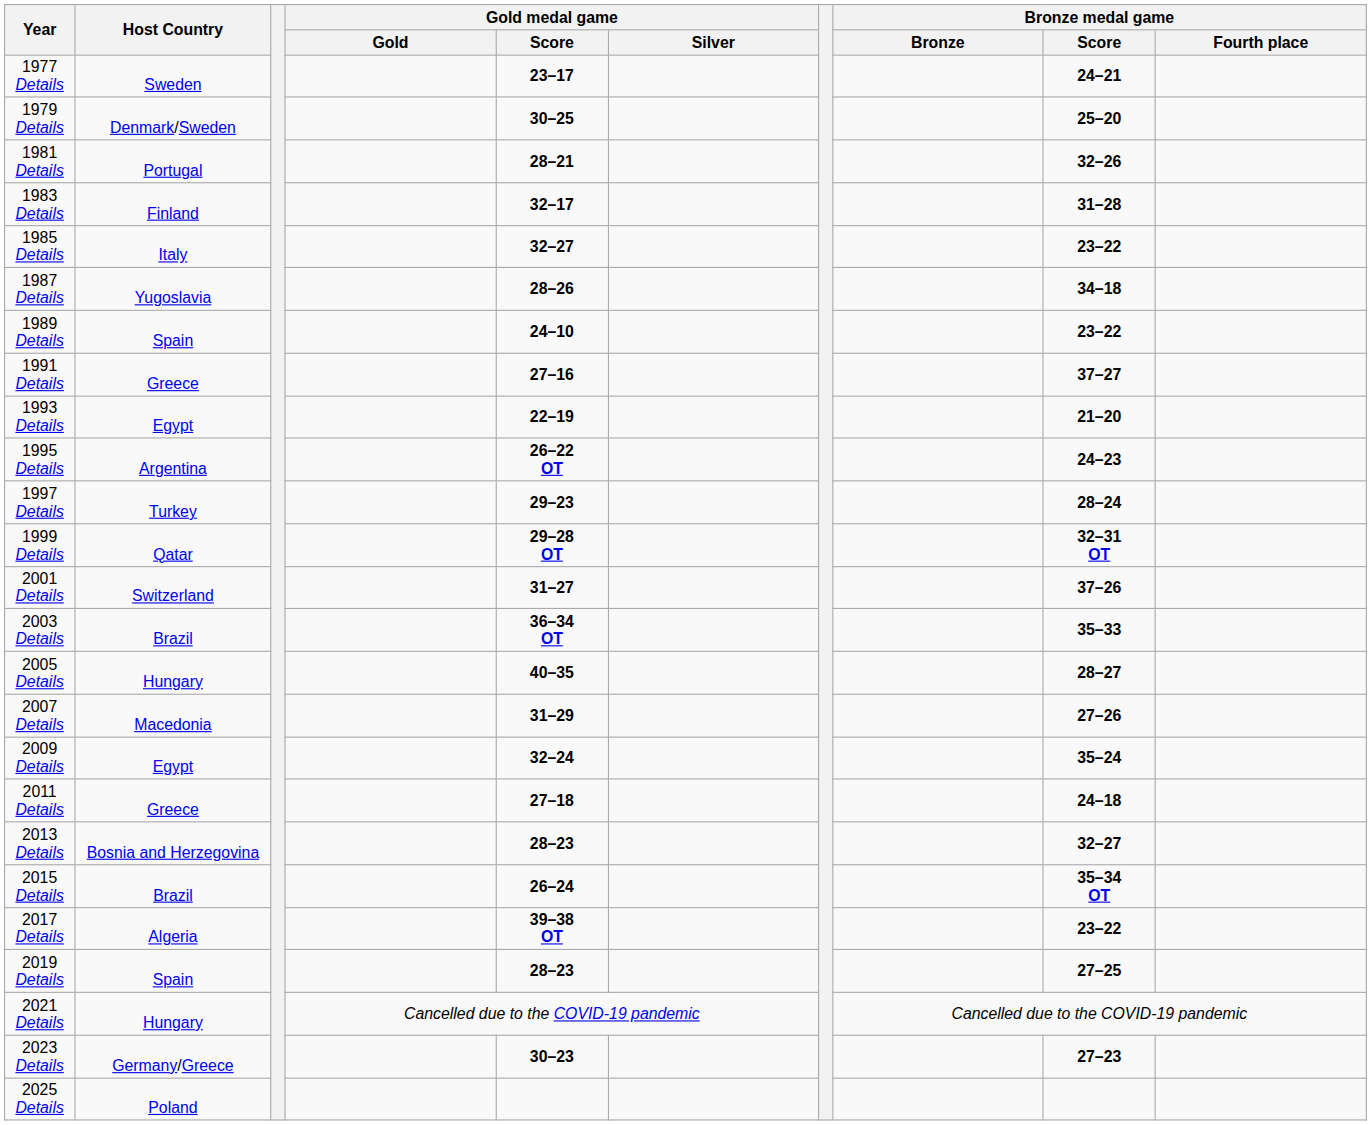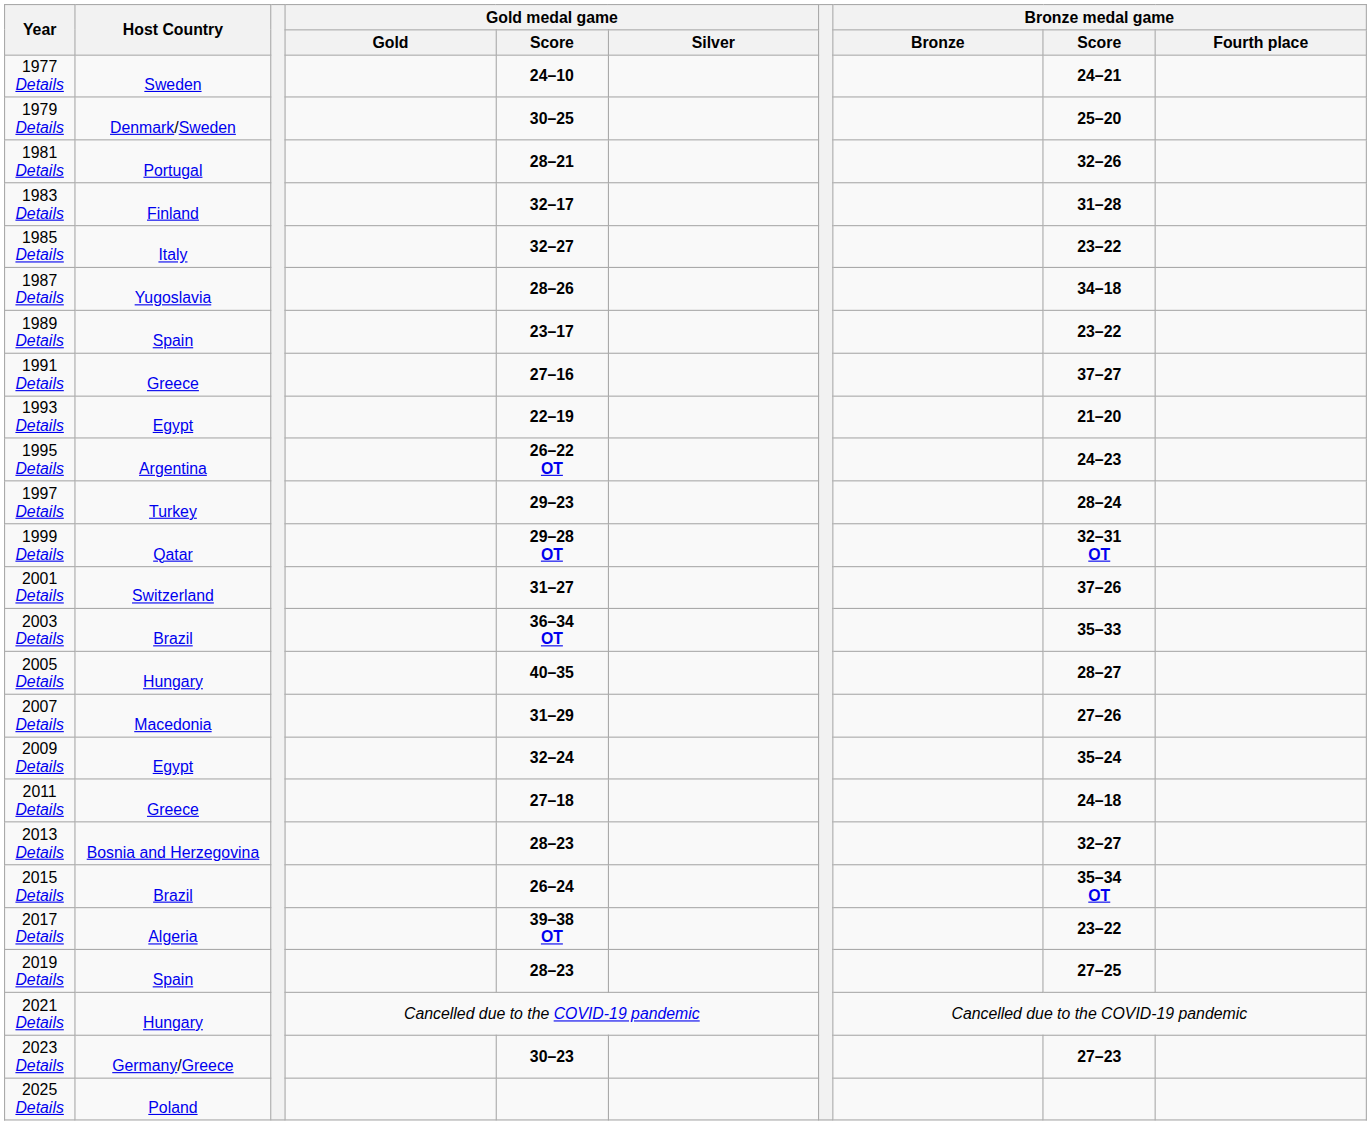 <table class="wikitable" style="font-size:90%; width: 98%; text-align: center;">
 <tr>
 <th rowspan=2 width=5%>Year</th>
 <th rowspan=2 width=14%>Host Country</th>
 <th width=1% rowspan=27 bgcolor=ffffff></th>
 <th colspan=3>Gold medal game</th>
 <th width=1% rowspan=27 bgcolor=ffffff></th>
 <th colspan=3>Bronze medal game</th>
 </tr>
 <tr>
 <th width=15%>Gold</th>
 <th width=8%>Score</th>
 <th width=15%>Silver</th>
 <th width=15%>Bronze</th>
 <th width=8%>Score</th>
 <th width=15%>Fourth place</th>
 </tr>
 <tr>
 <td>1977 <br><em><a href='#'>Details</a></em></td>
 <td><br><a href='#'>Sweden</a></td>
 <td><strong></strong></td>
-<td><strong>23–17</strong></td>
+<td><strong>24–10</strong></td>
 <td></td>
 <td></td>
 <td><strong>24–21</strong></td>
 <td></td>
 </tr>
 <tr>
 <td>1979 <br><em><a href='#'>Details</a></em></td>
 <td><br><a href='#'>Denmark</a>/<a href='#'>Sweden</a></td>
 <td><strong></strong></td>
 <td><strong>30–25</strong></td>
 <td></td>
 <td></td>
 <td><strong>25–20</strong></td>
 <td></td>
 </tr>
 <tr>
 <td>1981 <br><em><a href='#'>Details</a></em></td>
 <td><br><a href='#'>Portugal</a></td>
 <td><strong></strong></td>
 <td><strong>28–21</strong></td>
 <td></td>
 <td></td>
 <td><strong>32–26</strong></td>
 <td></td>
 </tr>
 <tr>
 <td>1983 <br><em><a href='#'>Details</a></em></td>
 <td><br><a href='#'>Finland</a></td>
 <td><strong></strong></td>
 <td><strong>32–17</strong></td>
 <td></td>
 <td></td>
 <td><strong>31–28</strong></td>
 <td></td>
 </tr>
 <tr>
 <td>1985 <br><em><a href='#'>Details</a></em></td>
 <td><br><a href='#'>Italy</a></td>
 <td><strong></strong></td>
 <td><strong>32–27</strong></td>
 <td></td>
 <td></td>
 <td><strong>23–22</strong></td>
 <td></td>
 </tr>
 <tr>
 <td>1987 <br><em><a href='#'>Details</a></em></td>
 <td><br><a href='#'>Yugoslavia</a></td>
 <td><strong></strong></td>
 <td><strong>28–26</strong></td>
 <td></td>
 <td></td>
 <td><strong>34–18</strong></td>
 <td></td>
 </tr>
 <tr>
 <td>1989 <br><em><a href='#'>Details</a></em></td>
 <td><br><a href='#'>Spain</a></td>
 <td><strong></strong></td>
-<td><strong>24–10</strong></td>
+<td><strong>23–17</strong></td>
 <td></td>
 <td></td>
 <td><strong>23–22</strong></td>
 <td></td>
 </tr>
 <tr>
 <td>1991 <br><em><a href='#'>Details</a></em></td>
 <td><br><a href='#'>Greece</a></td>
 <td><strong></strong></td>
 <td><strong>27–16</strong></td>
 <td></td>
 <td></td>
 <td><strong>37–27</strong></td>
 <td></td>
 </tr>
 <tr>
 <td>1993 <br><em><a href='#'>Details</a></em></td>
 <td><br><a href='#'>Egypt</a></td>
 <td><strong></strong></td>
 <td><strong>22–19</strong></td>
 <td></td>
 <td></td>
 <td><strong>21–20</strong></td>
 <td></td>
 </tr>
 <tr>
 <td>1995 <br><em><a href='#'>Details</a></em></td>
 <td><br><a href='#'>Argentina</a></td>
 <td><strong></strong></td>
 <td><strong>26–22<br><a href='#'>OT</a></strong></td>
 <td></td>
 <td></td>
 <td><strong>24–23</strong></td>
 <td></td>
 </tr>
 <tr>
 <td>1997 <br><em><a href='#'>Details</a></em></td>
 <td><br><a href='#'>Turkey</a></td>
 <td><strong></strong></td>
 <td><strong>29–23</strong></td>
 <td></td>
 <td></td>
 <td><strong>28–24</strong></td>
 <td></td>
 </tr>
 <tr>
 <td>1999 <br><em><a href='#'>Details</a></em></td>
 <td><br><a href='#'>Qatar</a></td>
 <td><strong></strong></td>
 <td><strong>29–28<br><a href='#'>OT</a></strong></td>
 <td></td>
 <td></td>
 <td><strong>32–31<br><a href='#'>OT</a></strong></td>
 <td></td>
 </tr>
 <tr>
 <td>2001 <br><em><a href='#'>Details</a></em></td>
 <td><br><a href='#'>Switzerland</a></td>
 <td><strong></strong></td>
 <td><strong>31–27</strong></td>
 <td></td>
 <td></td>
 <td><strong>37–26</strong></td>
 <td></td>
 </tr>
 <tr>
 <td>2003 <br><em><a href='#'>Details</a></em></td>
 <td><br><a href='#'>Brazil</a></td>
 <td><strong></strong></td>
 <td><strong>36–34<br><a href='#'>OT</a></strong></td>
 <td></td>
 <td></td>
 <td><strong>35–33</strong></td>
 <td></td>
 </tr>
 <tr>
 <td>2005 <br><em><a href='#'>Details</a></em></td>
 <td><br><a href='#'>Hungary</a></td>
 <td><strong></strong></td>
 <td><strong>40–35</strong></td>
 <td></td>
 <td></td>
 <td><strong>28–27</strong></td>
 <td></td>
 </tr>
 <tr>
 <td>2007 <br><em><a href='#'>Details</a></em></td>
 <td><br><a href='#'>Macedonia</a></td>
 <td><strong></strong></td>
 <td><strong>31–29</strong></td>
 <td></td>
 <td></td>
 <td><strong>27–26</strong></td>
 <td></td>
 </tr>
 <tr>
 <td>2009 <br><em><a href='#'>Details</a></em></td>
 <td><br><a href='#'>Egypt</a></td>
 <td><strong></strong></td>
 <td><strong>32–24</strong></td>
 <td></td>
 <td></td>
 <td><strong>35–24</strong></td>
 <td></td>
 </tr>
 <tr>
 <td>2011 <br><em><a href='#'>Details</a></em></td>
 <td><br><a href='#'>Greece</a></td>
 <td><strong></strong></td>
 <td><strong>27–18</strong></td>
 <td></td>
 <td></td>
 <td><strong>24–18</strong></td>
 <td></td>
 </tr>
 <tr>
 <td>2013 <br><em><a href='#'>Details</a></em></td>
 <td><br><a href='#'>Bosnia and Herzegovina</a></td>
 <td><strong></strong></td>
 <td><strong>28–23</strong></td>
 <td></td>
 <td></td>
 <td><strong>32–27</strong></td>
 <td></td>
 </tr>
 <tr>
 <td>2015 <br> <em><a href='#'>Details</a></em></td>
 <td><br><a href='#'>Brazil</a></td>
 <td><strong></strong></td>
 <td><strong>26–24</strong></td>
 <td></td>
 <td></td>
 <td><strong>35–34<br><a href='#'>OT</a></strong></td>
 <td></td>
 </tr>
 <tr>
 <td>2017 <br> <em><a href='#'>Details</a></em></td>
 <td><br><a href='#'>Algeria</a></td>
 <td><strong></strong></td>
 <td><strong>39–38<br><a href='#'>OT</a></strong></td>
 <td></td>
 <td></td>
 <td><strong>23–22</strong></td>
 <td></td>
 </tr>
 <tr>
 <td>2019 <br> <em><a href='#'>Details</a></em></td>
 <td><br><a href='#'>Spain</a></td>
 <td><strong></strong></td>
 <td><strong>28–23</strong></td>
 <td></td>
 <td></td>
 <td><strong>27–25</strong></td>
 <td></td>
 </tr>
 <tr>
 <td>2021 <br> <em><a href='#'>Details</a></em></td>
 <td><br><a href='#'>Hungary</a></td>
 <td colspan=3><em>Cancelled due to the <a href='#'>COVID-19 pandemic</a></em></td>
 <td colspan=3><em>Cancelled due to the COVID-19 pandemic</em></td>
 </tr>
 <tr>
 <td>2023 <br> <em><a href='#'>Details</a></em></td>
 <td><br><a href='#'>Germany</a>/<a href='#'>Greece</a></td>
 <td><strong></strong></td>
 <td><strong>30–23</strong></td>
 <td></td>
 <td></td>
 <td><strong>27–23</strong></td>
 <td></td>
 </tr>
 <tr>
 <td>2025 <br> <em><a href='#'>Details</a></em></td>
 <td><br><a href='#'>Poland</a></td>
 <td></td>
 <td></td>
 <td></td>
 <td></td>
 <td></td>
 <td></td>
 </tr>
 </table>
